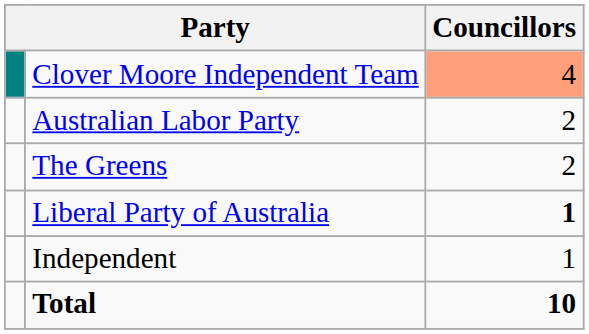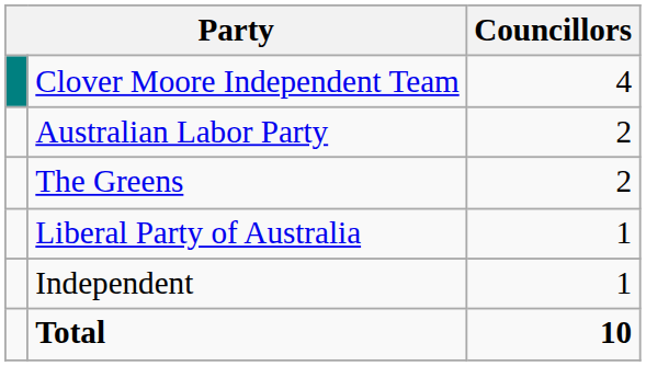 <table class="wikitable">
 <tr>
 <th colspan="2">Party</th>
 <th>Councillors</th>
 </tr>
 <tr>
 <td bgcolor="#008080"></td>
 <td><a href='#'>Clover Moore Independent Team</a></td>
-<td align=right style="background: lightsalmon;">4</td>
+<td align=right>4</td>
 </tr>
 <tr>
 <td> </td>
 <td><a href='#'>Australian Labor Party</a></td>
 <td align=right>2</td>
 </tr>
 <tr>
 <td> </td>
 <td><a href='#'>The Greens</a></td>
 <td align=right>2</td>
 </tr>
 <tr>
 <td> </td>
 <td><a href='#'>Liberal Party of Australia</a></td>
-<td align=right><strong>1</strong></td>
+<td align=right>1</td>
 </tr>
 <tr>
 <td> </td>
 <td>Independent</td>
 <td align=right>1</td>
 </tr>
 <tr>
 <td></td>
 <td><strong>Total</strong></td>
 <td align=right><strong>10</strong></td>
 </tr>
 </table>
